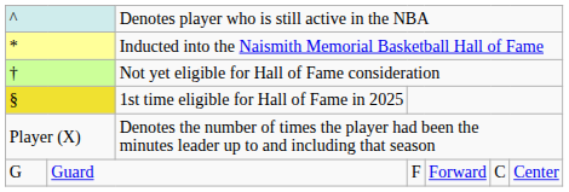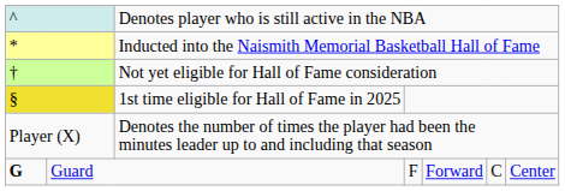 <table class="wikitable">
 <tr>
 <td style="background-color:#CFECEC; width:6em" colspan=2>^</td>
 <td colspan=5>Denotes player who is still active in the NBA</td>
 </tr>
 <tr>
 <td style="background-color:#FFFF99; width:6em" colspan=2>*</td>
 <td colspan=5>Inducted into the <a href='#'>Naismith Memorial Basketball Hall of Fame</a></td>
 </tr>
 <tr>
 <td style="background:#CCFF99; width:1em" colspan=2>†</td>
 <td colspan=5>Not yet eligible for Hall of Fame consideration</td>
 </tr>
 <tr>
 <td style="background:#F0E130; width:1em" colspan=2>§</td>
 <td>1st time eligible for Hall of Fame in 2025</td>
 </tr>
 <tr>
 <td colspan=2>Player (X)</td>
 <td colspan=5>Denotes the number of times the player had been the<br>minutes leader up to and including that season</td>
 </tr>
 <tr>
-<td style="width:2em">G</td>
+<td style="width:2em"><strong>G</strong></td>
 <td colspan=2><a href='#'>Guard</a></td>
 <td>F</td>
 <td><a href='#'>Forward</a></td>
 <td>C</td>
 <td><a href='#'>Center</a></td>
 </tr>
 </table>
